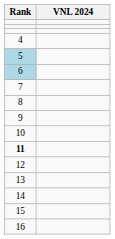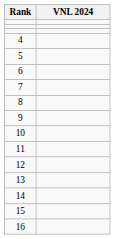 <table class="wikitable sortable" style="font-size:85%; text-align:center;">
 <tr>
 <th width=40>Rank</th>
 <th width=100>VNL 2024</th>
 </tr>
 <tr>
 <td></td>
 <td style="text-align:left"></td>
 </tr>
 <tr>
 <td></td>
 <td style="text-align:left"></td>
 </tr>
 <tr>
 <td></td>
 <td style="text-align:left"></td>
 </tr>
 <tr>
 <td>4</td>
 <td style="text-align:left"></td>
 </tr>
 <tr>
-<td style="background: lightblue;">5</td>
+<td>5</td>
 <td style="text-align:left"></td>
 </tr>
 <tr>
-<td style="background: lightblue;">6</td>
+<td>6</td>
 <td style="text-align:left"></td>
 </tr>
 <tr>
 <td>7</td>
 <td style="text-align:left"></td>
 </tr>
 <tr>
 <td>8</td>
 <td style="text-align:left"></td>
 </tr>
 <tr>
 <td>9</td>
 <td style="text-align:left"></td>
 </tr>
 <tr>
 <td>10</td>
 <td style="text-align:left"></td>
 </tr>
 <tr>
-<td><strong>11</strong></td>
+<td>11</td>
 <td style="text-align:left"></td>
 </tr>
 <tr>
 <td>12</td>
 <td style="text-align:left"></td>
 </tr>
 <tr>
 <td>13</td>
 <td style="text-align:left"></td>
 </tr>
 <tr>
 <td>14</td>
 <td style="text-align:left"></td>
 </tr>
 <tr>
 <td>15</td>
 <td style="text-align:left"></td>
 </tr>
 <tr>
 <td>16</td>
 <td style="text-align:left"></td>
 </tr>
 </table>
